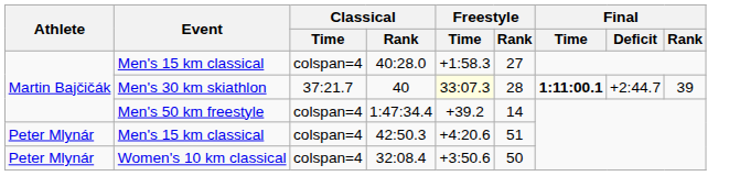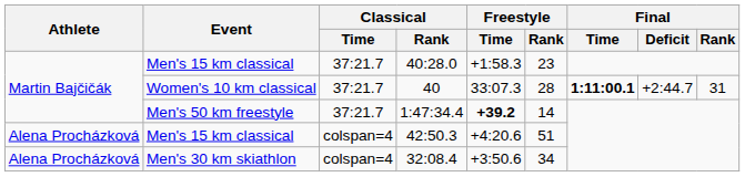 <table class="wikitable" style="font-size:90%">
 <tr>
 <th rowspan=2>Athlete</th>
 <th rowspan=2>Event</th>
 <th colspan=2>Classical</th>
 <th colspan=2>Freestyle</th>
 <th colspan=3>Final</th>
 </tr>
 <tr style="font-size: 95%">
 <th>Time</th>
 <th>Rank</th>
 <th>Time</th>
 <th>Rank</th>
 <th>Time</th>
 <th>Deficit</th>
 <th>Rank</th>
 </tr>
 <tr align=center>
 <td align=left rowspan=3><a href='#'>Martin Bajčičák</a></td>
 <td align=left><a href='#'>Men's 15 km classical</a></td>
-<td>colspan=4 </td>
+<td>37:21.7</td>
 <td>40:28.0</td>
 <td>+1:58.3</td>
-<td>27</td>
+<td>23</td>
 </tr>
 <tr align=center>
-<td align=left><a href='#'>Men's 30 km skiathlon</a></td>
+<td align=left><a href='#'>Women's 10 km classical</a></td>
 <td>37:21.7</td>
 <td>40</td>
-<td style="background: lightyellow;">33:07.3</td>
+<td>33:07.3</td>
 <td>28</td>
 <td><strong>1:11:00.1</strong></td>
 <td>+2:44.7</td>
-<td>39</td>
+<td>31</td>
 </tr>
 <tr align=center>
 <td align=left><a href='#'>Men's 50 km freestyle</a></td>
-<td>colspan=4 </td>
+<td>37:21.7</td>
 <td>1:47:34.4</td>
-<td>+39.2</td>
+<td><strong>+39.2</strong></td>
 <td>14</td>
 </tr>
 <tr align=center>
-<td align=left><a href='#'>Peter Mlynár</a></td>
+<td align=left><a href='#'>Alena Procházková</a></td>
 <td align=left><a href='#'>Men's 15 km classical</a></td>
 <td>colspan=4 </td>
 <td>42:50.3</td>
 <td>+4:20.6</td>
 <td>51</td>
 </tr>
 <tr align=center>
-<td align=left><a href='#'>Peter Mlynár</a></td>
-<td align=left><a href='#'>Women's 10 km classical</a></td>
+<td align=left><a href='#'>Alena Procházková</a></td>
+<td align=left><a href='#'>Men's 30 km skiathlon</a></td>
 <td>colspan=4 </td>
 <td>32:08.4</td>
 <td>+3:50.6</td>
-<td>50</td>
+<td>34</td>
 </tr>
 </table>
